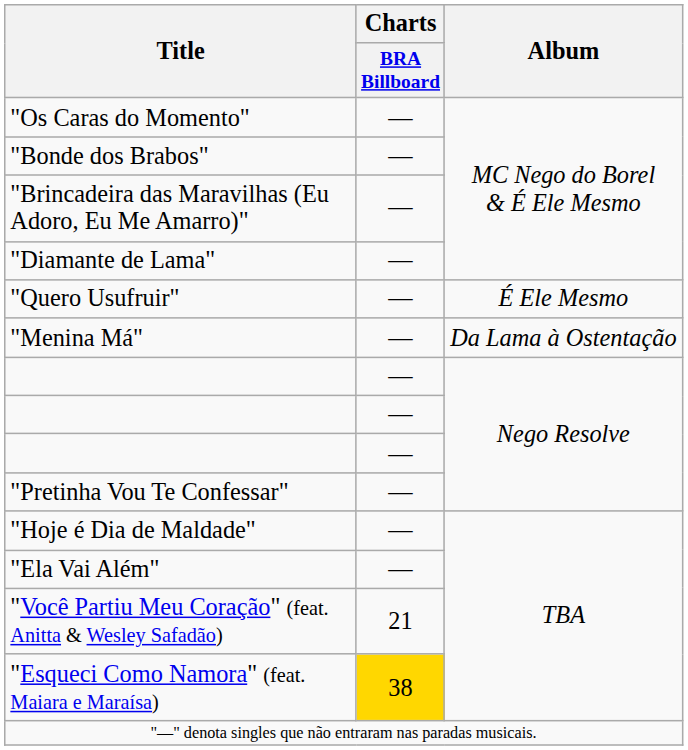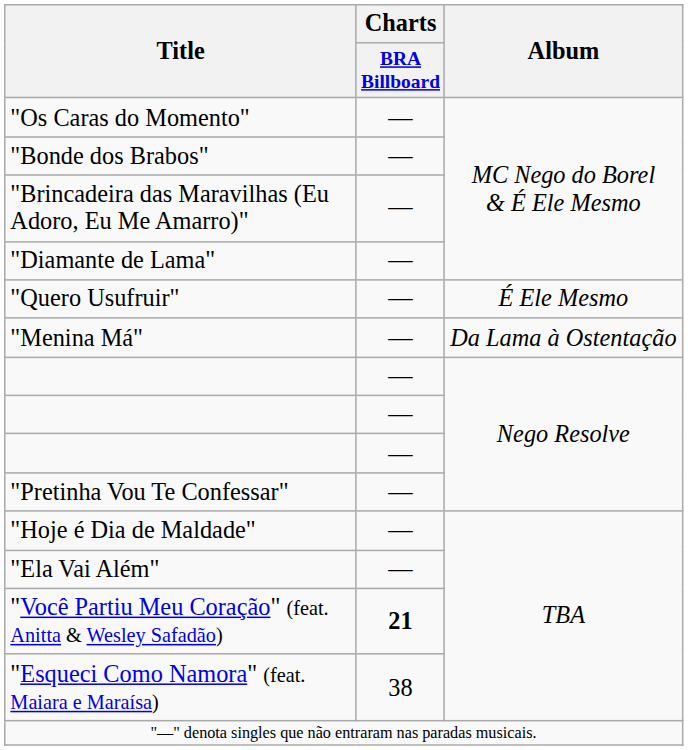 <table class="wikitable">
 <tr>
 <th rowspan="2"  style="width:14em;">Title</th>
 <th colspan="1">Charts</th>
 <th rowspan="2">Album</th>
 </tr>
 <tr>
 <th scope="col" style="width:4em;font-size:80%;"><a href='#'>BRA<br>Billboard</a></th>
 </tr>
 <tr>
 <td>"Os Caras do Momento"</td>
 <td align="center">—</td>
 <td align="center" rowspan="4"><em>MC Nego do Borel</em><br> <em>&</em> <em>É Ele Mesmo</em></td>
 </tr>
 <tr>
 <td>"Bonde dos Brabos"</td>
 <td align="center">—</td>
 </tr>
 <tr>
 <td>"Brincadeira das Maravilhas (Eu Adoro, Eu Me Amarro)"</td>
 <td align="center">—</td>
 </tr>
 <tr>
 <td>"Diamante de Lama"</td>
 <td align="center">—</td>
 </tr>
 <tr>
 <td>"Quero Usufruir"</td>
 <td align="center">—</td>
 <td align="center" rowspan="1"><em>É Ele Mesmo</em></td>
 </tr>
 <tr>
 <td>"Menina Má"</td>
 <td align="center">—</td>
 <td align="center" rowspan="1"><em>Da Lama à Ostentação</em></td>
 </tr>
 <tr>
 <td></td>
 <td align="center">—</td>
 <td align="center" rowspan="4"><em>Nego Resolve</em></td>
 </tr>
 <tr>
 <td></td>
 <td align="center">—</td>
 </tr>
 <tr>
 <td></td>
 <td align="center">—</td>
 </tr>
 <tr>
 <td>"Pretinha Vou Te Confessar"</td>
 <td align="center">—</td>
 </tr>
 <tr>
 <td>"Hoje é Dia de Maldade"</td>
 <td align="center">—</td>
 <td align="center" rowspan="4"><em>TBA</em></td>
 </tr>
 <tr>
 <td>"Ela Vai Além"</td>
 <td align="center">—</td>
 </tr>
 <tr>
 <td>"<a href='#'>Você Partiu Meu Coração</a>" <small>(feat. <a href='#'>Anitta</a> & <a href='#'>Wesley Safadão</a>)</small></td>
-<td align="center">21</td>
+<td align="center"><strong>21</strong></td>
 </tr>
 <tr>
 <td>"<a href='#'>Esqueci Como Namora</a>" <small>(feat. <a href='#'>Maiara e Maraísa</a>)</small></td>
-<td align="center" style="background: gold;">38</td>
+<td align="center">38</td>
 </tr>
 <tr>
 <td colspan="11" style="text-align:center; font-size:8pt;">"—" denota singles que não entraram nas paradas musicais.</td>
 </tr>
 </table>
